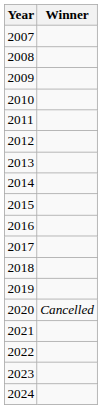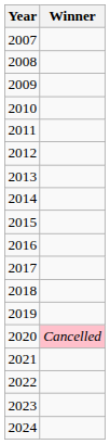 <table class="wikitable" style="text-align:left">
 <tr>
 <th>Year</th>
 <th>Winner</th>
 </tr>
 <tr>
 <td>2007</td>
 <td></td>
 </tr>
 <tr>
 <td>2008</td>
 <td></td>
 </tr>
 <tr>
 <td>2009</td>
 <td></td>
 </tr>
 <tr>
 <td>2010</td>
 <td></td>
 </tr>
 <tr>
 <td>2011</td>
 <td></td>
 </tr>
 <tr>
 <td>2012</td>
 <td></td>
 </tr>
 <tr>
 <td>2013</td>
 <td></td>
 </tr>
 <tr>
 <td>2014</td>
 <td></td>
 </tr>
 <tr>
 <td>2015</td>
 <td></td>
 </tr>
 <tr>
 <td>2016</td>
 <td></td>
 </tr>
 <tr>
 <td>2017</td>
 <td></td>
 </tr>
 <tr>
 <td>2018</td>
 <td></td>
 </tr>
 <tr>
 <td>2019</td>
 <td></td>
 </tr>
 <tr>
 <td>2020</td>
-<td><em>Cancelled</em></td>
+<td style="background: pink;"><em>Cancelled</em></td>
 </tr>
 <tr>
 <td>2021</td>
 <td></td>
 </tr>
 <tr>
 <td>2022</td>
 <td></td>
 </tr>
 <tr>
 <td>2023</td>
 <td></td>
 </tr>
 <tr>
 <td>2024</td>
 <td></td>
 </tr>
 </table>
